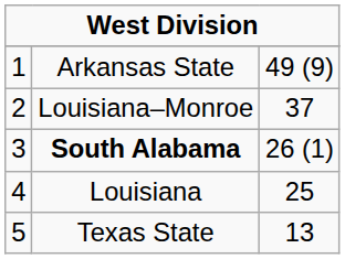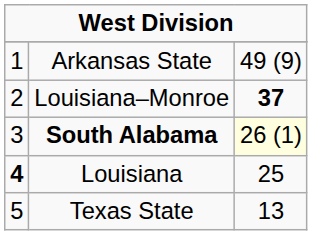 <table class="wikitable">
 <tr align="center">
 <td align="center" Colspan="3"><strong>West Division</strong></td>
 </tr>
 <tr align="center">
 </tr>
 <tr align="center">
 <td>1</td>
 <td>Arkansas State</td>
 <td>49 (9)</td>
 </tr>
 <tr align="center">
 <td>2</td>
 <td>Louisiana–Monroe</td>
-<td>37</td>
+<td><strong>37</strong></td>
 </tr>
 <tr align="center">
 <td>3</td>
 <td><strong>South Alabama</strong></td>
-<td>26 (1)</td>
+<td style="background: lightyellow;">26 (1)</td>
 </tr>
 <tr align="center">
-<td>4</td>
+<td><strong>4</strong></td>
 <td>Louisiana</td>
 <td>25</td>
 </tr>
 <tr align="center">
 <td>5</td>
 <td>Texas State</td>
 <td>13</td>
 </tr>
 </table>
